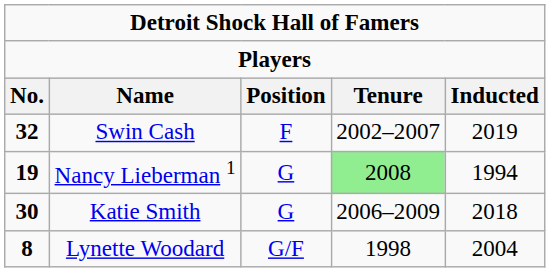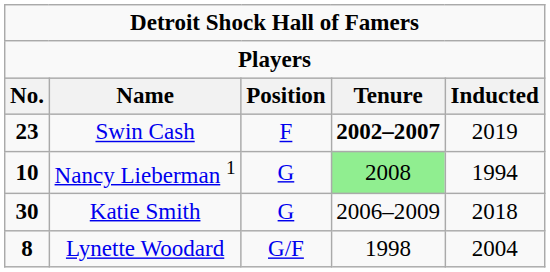 <table class="wikitable" style="text-align:center">
 <tr>
 <td colspan="10"><strong>Detroit Shock Hall of Famers</strong></td>
 </tr>
 <tr>
 <td colspan="10"><strong>Players</strong></td>
 </tr>
 <tr>
 <th>No.</th>
 <th>Name</th>
 <th>Position</th>
 <th>Tenure</th>
 <th>Inducted</th>
 </tr>
 <tr>
-<td><strong>32</strong></td>
+<td><strong>23</strong></td>
 <td><a href='#'>Swin Cash</a></td>
 <td><a href='#'>F</a></td>
-<td>2002–2007</td>
+<td><strong>2002–2007</strong></td>
 <td>2019</td>
 </tr>
 <tr>
-<td><strong>19</strong></td>
+<td><strong>10</strong></td>
 <td><a href='#'>Nancy Lieberman</a> <sup>1</sup></td>
 <td><a href='#'>G</a></td>
 <td style="background: lightgreen;">2008</td>
 <td>1994</td>
 </tr>
 <tr>
 <td><strong>30</strong></td>
 <td><a href='#'>Katie Smith</a></td>
 <td><a href='#'>G</a></td>
 <td>2006–2009</td>
 <td>2018</td>
 </tr>
 <tr>
 <td><strong>8</strong></td>
 <td><a href='#'>Lynette Woodard</a></td>
 <td><a href='#'>G/F</a></td>
 <td>1998</td>
 <td>2004</td>
 </tr>
 </table>
